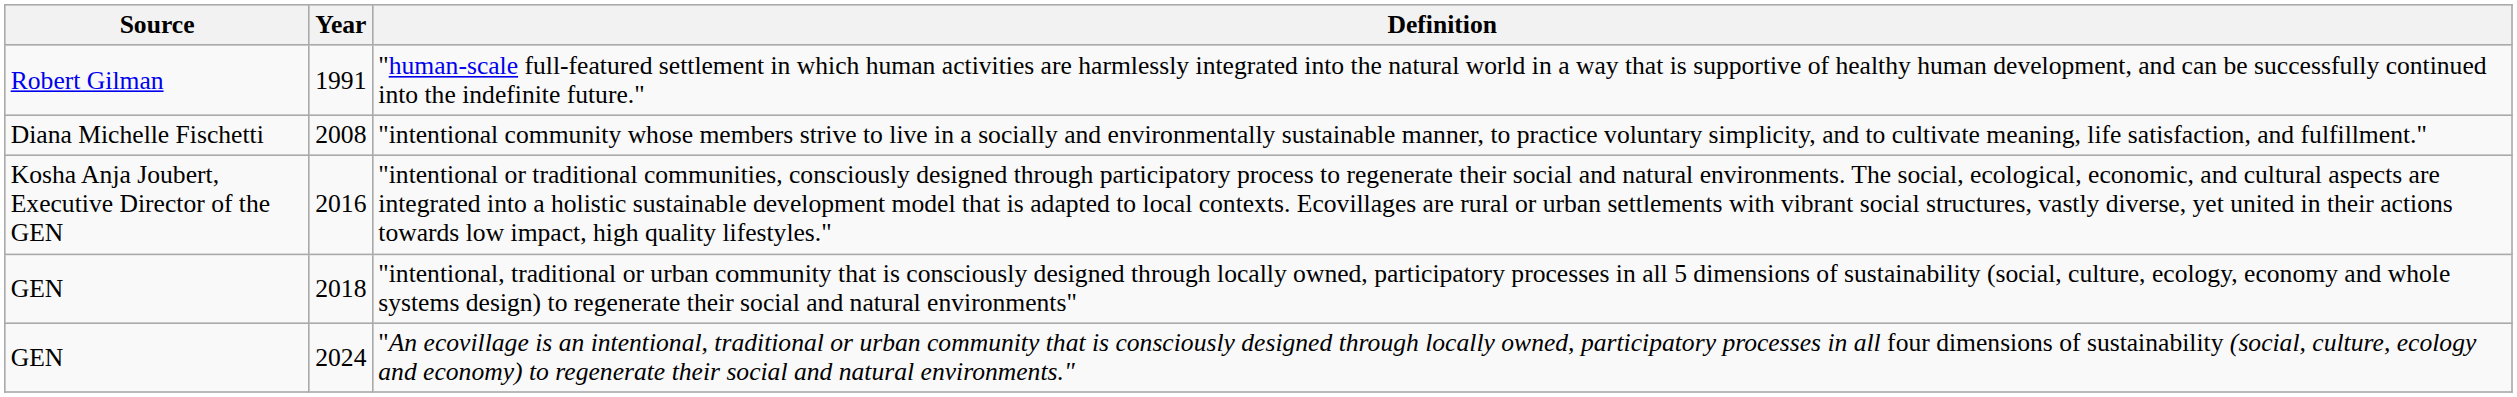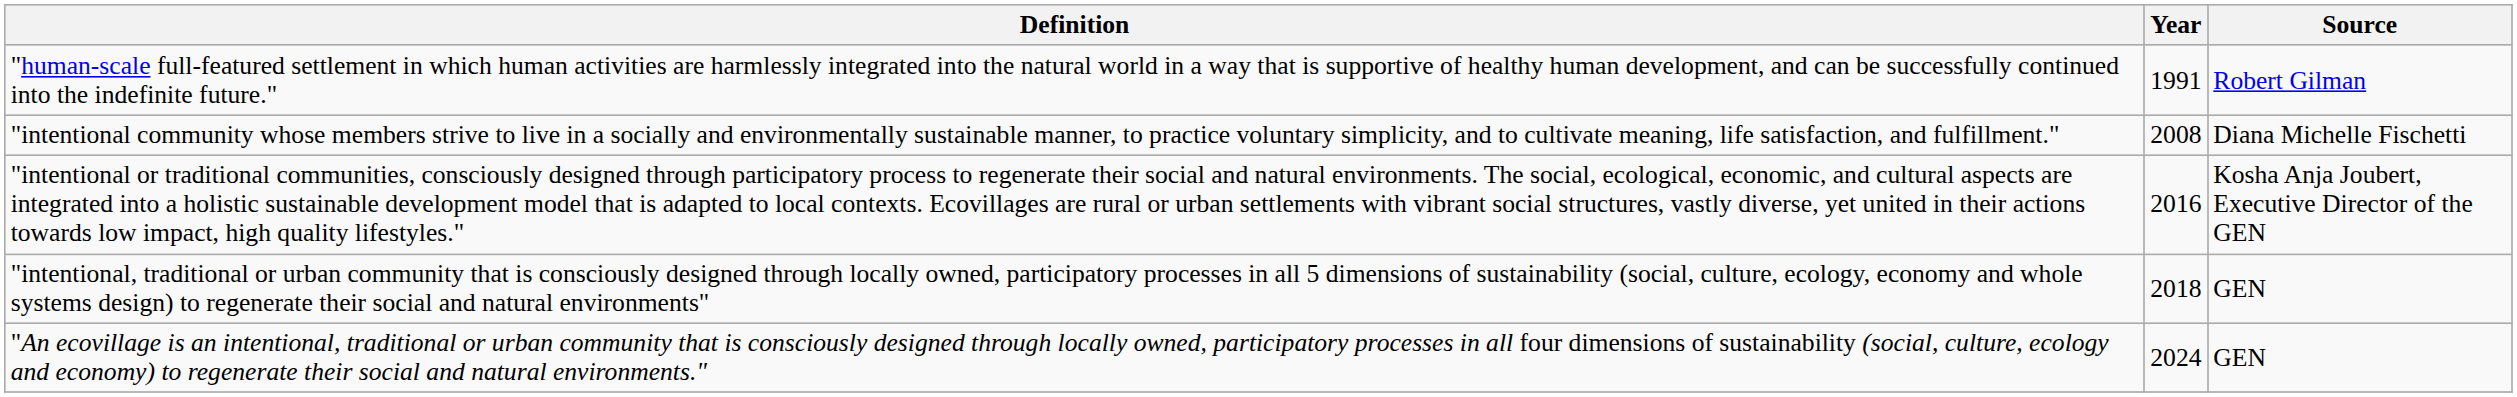 <table class="sortable wikitable">
 <tr>
+<th>Definition</th>
+<th>Year</th>
 <th>Source</th>
-<th>Year</th>
-<th>Definition</th>
 </tr>
 <tr>
+<td>"<a href='#'>human-scale</a> full-featured settlement in which human activities are harmlessly integrated into the natural world in a way that is supportive of healthy human development, and can be successfully continued into the indefinite future."</td>
+<td>1991</td>
 <td><a href='#'>Robert Gilman</a></td>
-<td>1991</td>
-<td>"<a href='#'>human-scale</a> full-featured settlement in which human activities are harmlessly integrated into the natural world in a way that is supportive of healthy human development, and can be successfully continued into the indefinite future."</td>
 </tr>
 <tr>
+<td>"intentional community whose members strive to live in a socially and environmentally sustainable manner, to practice voluntary simplicity, and to cultivate meaning, life satisfaction, and fulfillment."</td>
+<td>2008</td>
 <td>Diana Michelle Fischetti</td>
-<td>2008</td>
-<td>"intentional community whose members strive to live in a socially and environmentally sustainable manner, to practice voluntary simplicity, and to cultivate meaning, life satisfaction, and fulfillment."</td>
 </tr>
 <tr>
+<td>"intentional or traditional communities, consciously designed through participatory process to regenerate their social and natural environments.  The  social,  ecological,  economic,  and  cultural  aspects  are  integrated  into  a  holistic sustainable  development  model  that  is  adapted  to  local  contexts.  Ecovillages  are  rural  or  urban settlements with vibrant social structures, vastly diverse, yet united in their actions towards low impact, high quality lifestyles."</td>
+<td>2016</td>
 <td>Kosha Anja Joubert, Executive Director of the GEN</td>
-<td>2016</td>
-<td>"intentional or traditional communities, consciously designed through participatory process to regenerate their social and natural environments.  The  social,  ecological,  economic,  and  cultural  aspects  are  integrated  into  a  holistic sustainable  development  model  that  is  adapted  to  local  contexts.  Ecovillages  are  rural  or  urban settlements with vibrant social structures, vastly diverse, yet united in their actions towards low impact, high quality lifestyles."</td>
 </tr>
 <tr>
+<td>"intentional,  traditional  or  urban  community  that  is  consciously designed through locally owned, participatory processes in all 5 dimensions of sustainability  (social, culture, ecology, economy and whole systems design) to regenerate their social and natural environments"</td>
+<td>2018</td>
 <td>GEN</td>
-<td>2018</td>
-<td>"intentional,  traditional  or  urban  community  that  is  consciously designed through locally owned, participatory processes in all 5 dimensions of sustainability  (social, culture, ecology, economy and whole systems design) to regenerate their social and natural environments"</td>
 </tr>
 <tr>
+<td>"<em>An ecovillage is an intentional, traditional or urban community that is consciously designed through locally owned, participatory processes in all</em> four dimensions of sustainability <em>(social, culture, ecology and economy) to regenerate their social and natural environments."</em></td>
+<td>2024</td>
 <td>GEN</td>
-<td>2024</td>
-<td>"<em>An ecovillage is an intentional, traditional or urban community that is consciously designed through locally owned, participatory processes in all</em> four dimensions of sustainability <em>(social, culture, ecology and economy) to regenerate their social and natural environments."</em></td>
 </tr>
 </table>
